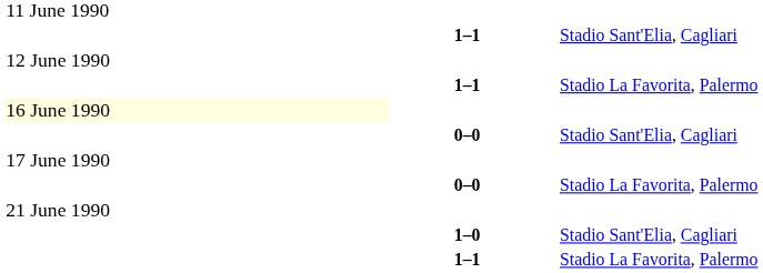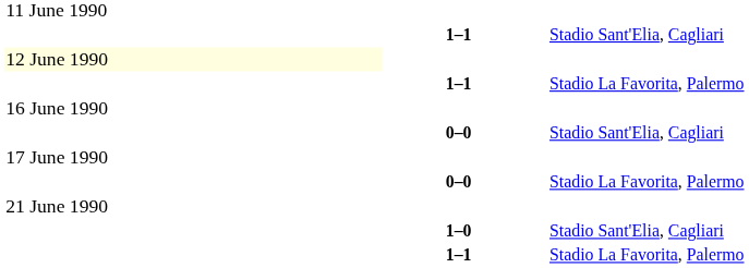 <table style="width:100%" cellspacing="1">
 <tr>
 <th width=25%></th>
 <th width=10%></th>
 <th></th>
 </tr>
 <tr>
 <td>11 June 1990</td>
 </tr>
 <tr style=font-size:90%>
 <td align=right></td>
 <td align=center><strong>1–1</strong></td>
 <td></td>
 <td><a href='#'>Stadio Sant'Elia</a>, <a href='#'>Cagliari</a></td>
 </tr>
 <tr>
-<td>12 June 1990</td>
+<td style="background: lightyellow;">12 June 1990</td>
 </tr>
 <tr style=font-size:90%>
 <td align=right></td>
 <td align=center><strong>1–1</strong></td>
 <td></td>
 <td><a href='#'>Stadio La Favorita</a>, <a href='#'>Palermo</a></td>
 </tr>
 <tr>
-<td style="background: lightyellow;">16 June 1990</td>
+<td>16 June 1990</td>
 </tr>
 <tr style=font-size:90%>
 <td align=right></td>
 <td align=center><strong>0–0</strong></td>
 <td></td>
 <td><a href='#'>Stadio Sant'Elia</a>, <a href='#'>Cagliari</a></td>
 </tr>
 <tr>
 <td>17 June 1990</td>
 </tr>
 <tr style=font-size:90%>
 <td align=right></td>
 <td align=center><strong>0–0</strong></td>
 <td></td>
 <td><a href='#'>Stadio La Favorita</a>, <a href='#'>Palermo</a></td>
 </tr>
 <tr>
 <td>21 June 1990</td>
 </tr>
 <tr style=font-size:90%>
 <td align=right></td>
 <td align=center><strong>1–0</strong></td>
 <td></td>
 <td><a href='#'>Stadio Sant'Elia</a>, <a href='#'>Cagliari</a></td>
 </tr>
 <tr style=font-size:90%>
 <td align=right></td>
 <td align=center><strong>1–1</strong></td>
 <td></td>
 <td><a href='#'>Stadio La Favorita</a>, <a href='#'>Palermo</a></td>
 </tr>
 </table>
